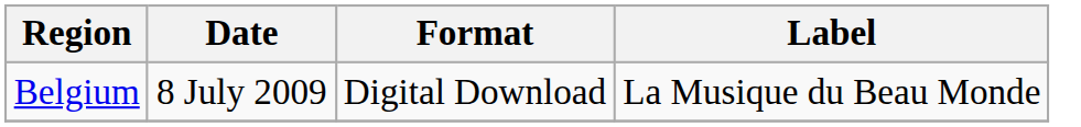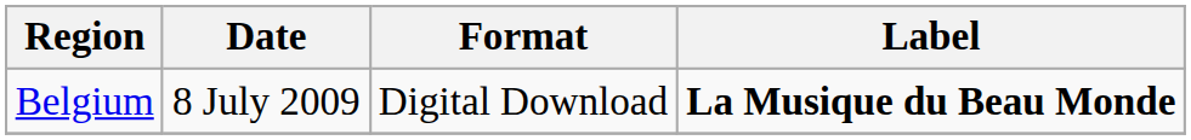 <table class=wikitable>
 <tr>
 <th>Region</th>
 <th>Date</th>
 <th>Format</th>
 <th>Label</th>
 </tr>
 <tr>
 <td><a href='#'>Belgium</a></td>
 <td>8 July 2009</td>
 <td>Digital Download</td>
-<td>La Musique du Beau Monde</td>
+<td><strong>La Musique du Beau Monde</strong></td>
 </tr>
 <tr>
 </tr>
 </table>
